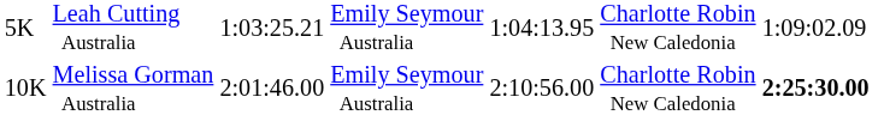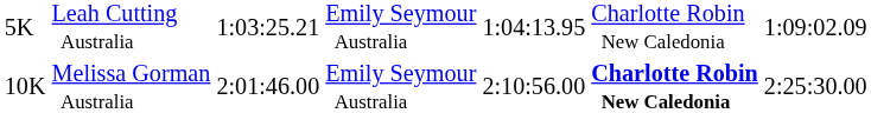 <table>
 <tr>
 <td>5K</td>
 <td><a href='#'>Leah Cutting</a> <small><br>   Australia </small></td>
 <td>1:03:25.21</td>
 <td><a href='#'>Emily Seymour</a> <small><br>   Australia </small></td>
 <td>1:04:13.95</td>
 <td><a href='#'>Charlotte Robin</a> <small><br>   New Caledonia </small></td>
 <td>1:09:02.09</td>
 </tr>
 <tr>
 <td>10K</td>
 <td><a href='#'>Melissa Gorman</a> <small><br>   Australia </small></td>
 <td>2:01:46.00</td>
 <td><a href='#'>Emily Seymour</a> <small><br>   Australia </small></td>
 <td>2:10:56.00</td>
-<td><a href='#'>Charlotte Robin</a> <small><br>   New Caledonia </small></td>
-<td><strong>2:25:30.00</strong></td>
+<td><strong><a href='#'>Charlotte Robin</a> <small><br>   New Caledonia </small></strong></td>
+<td>2:25:30.00</td>
 </tr>
 <tr>
 </tr>
 </table>
